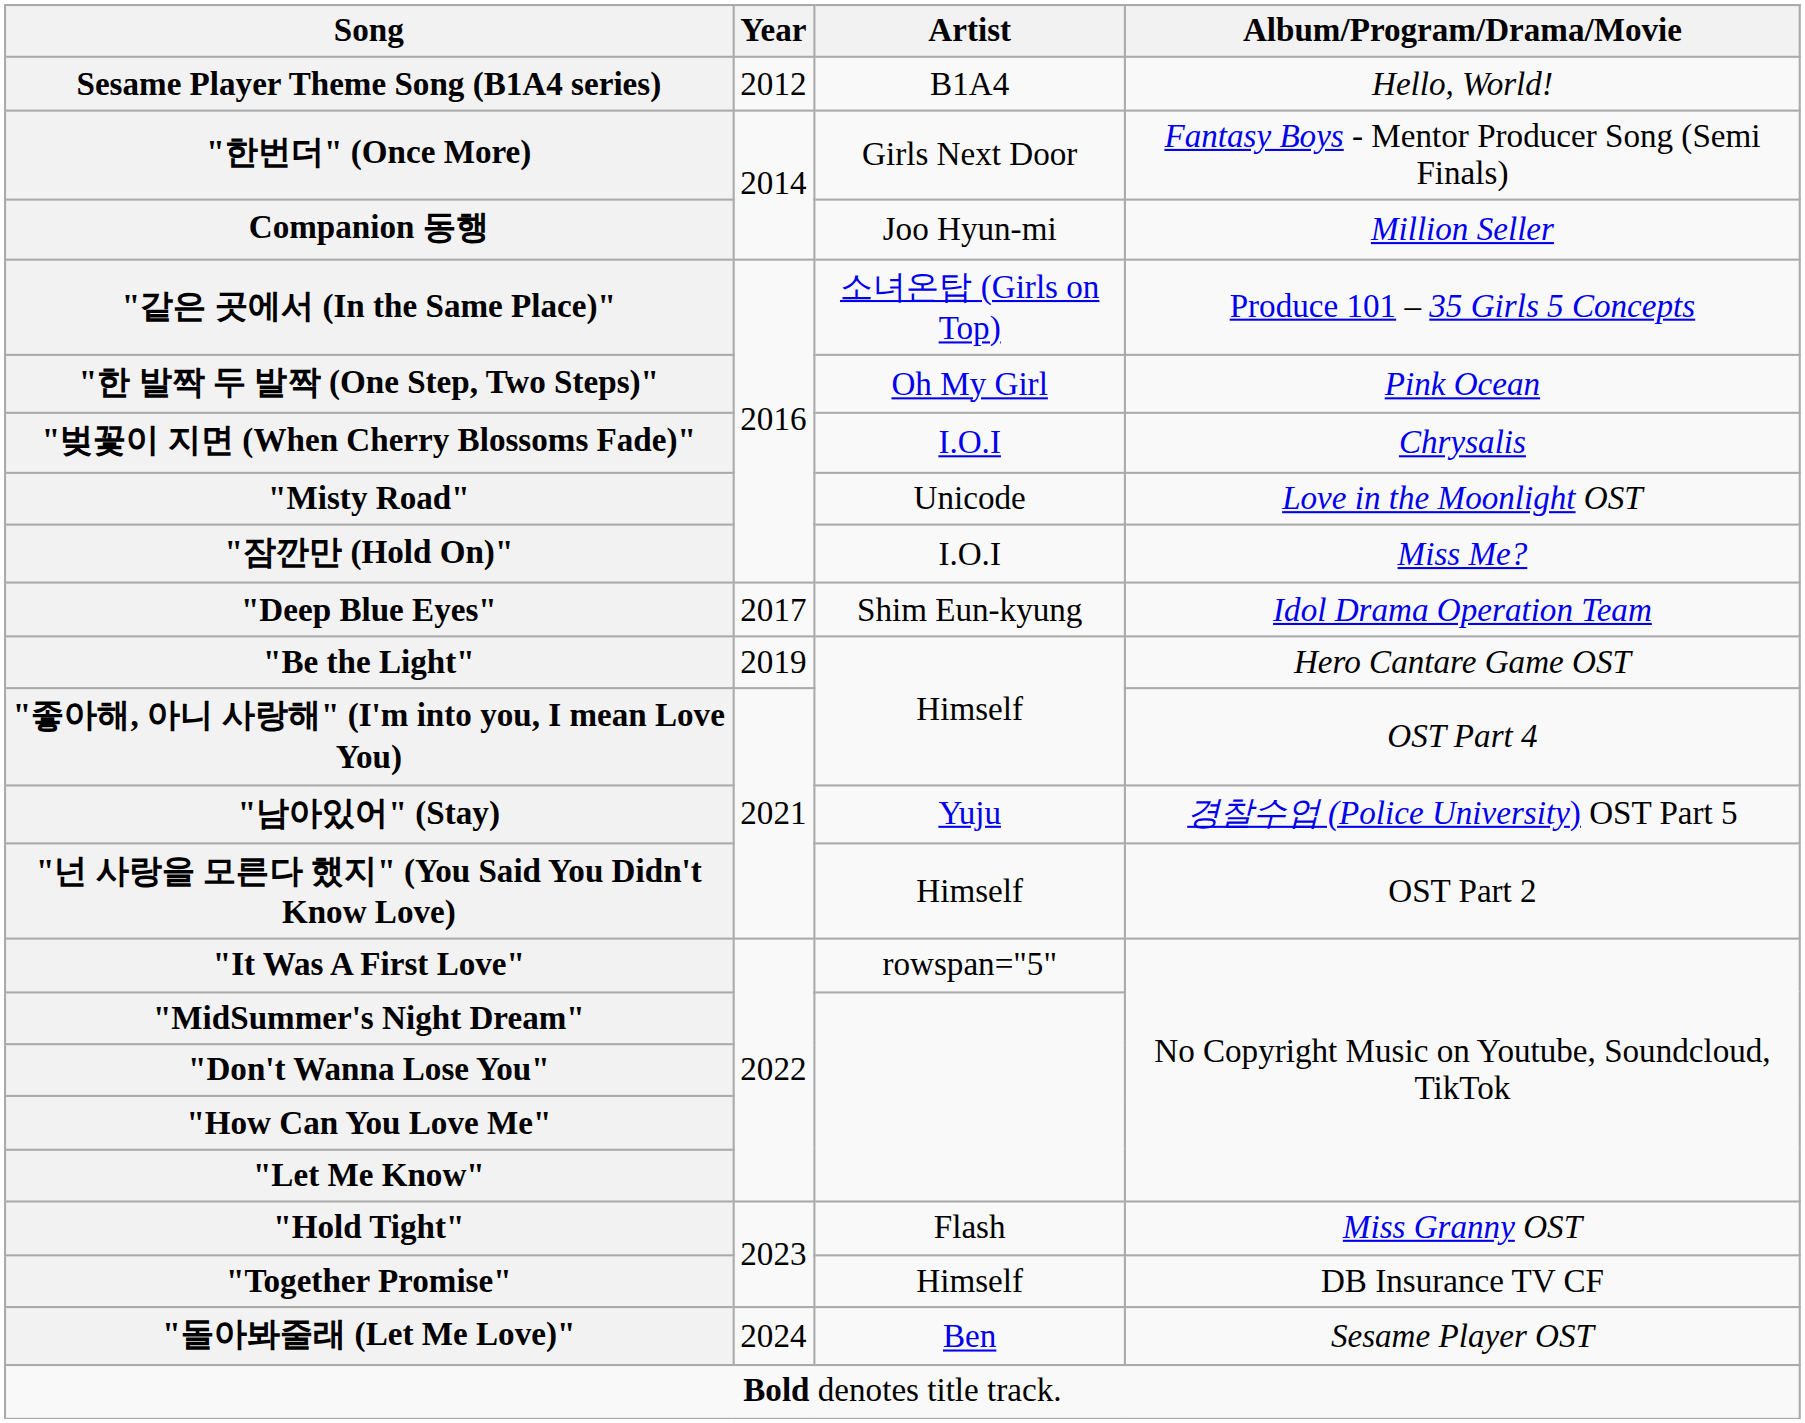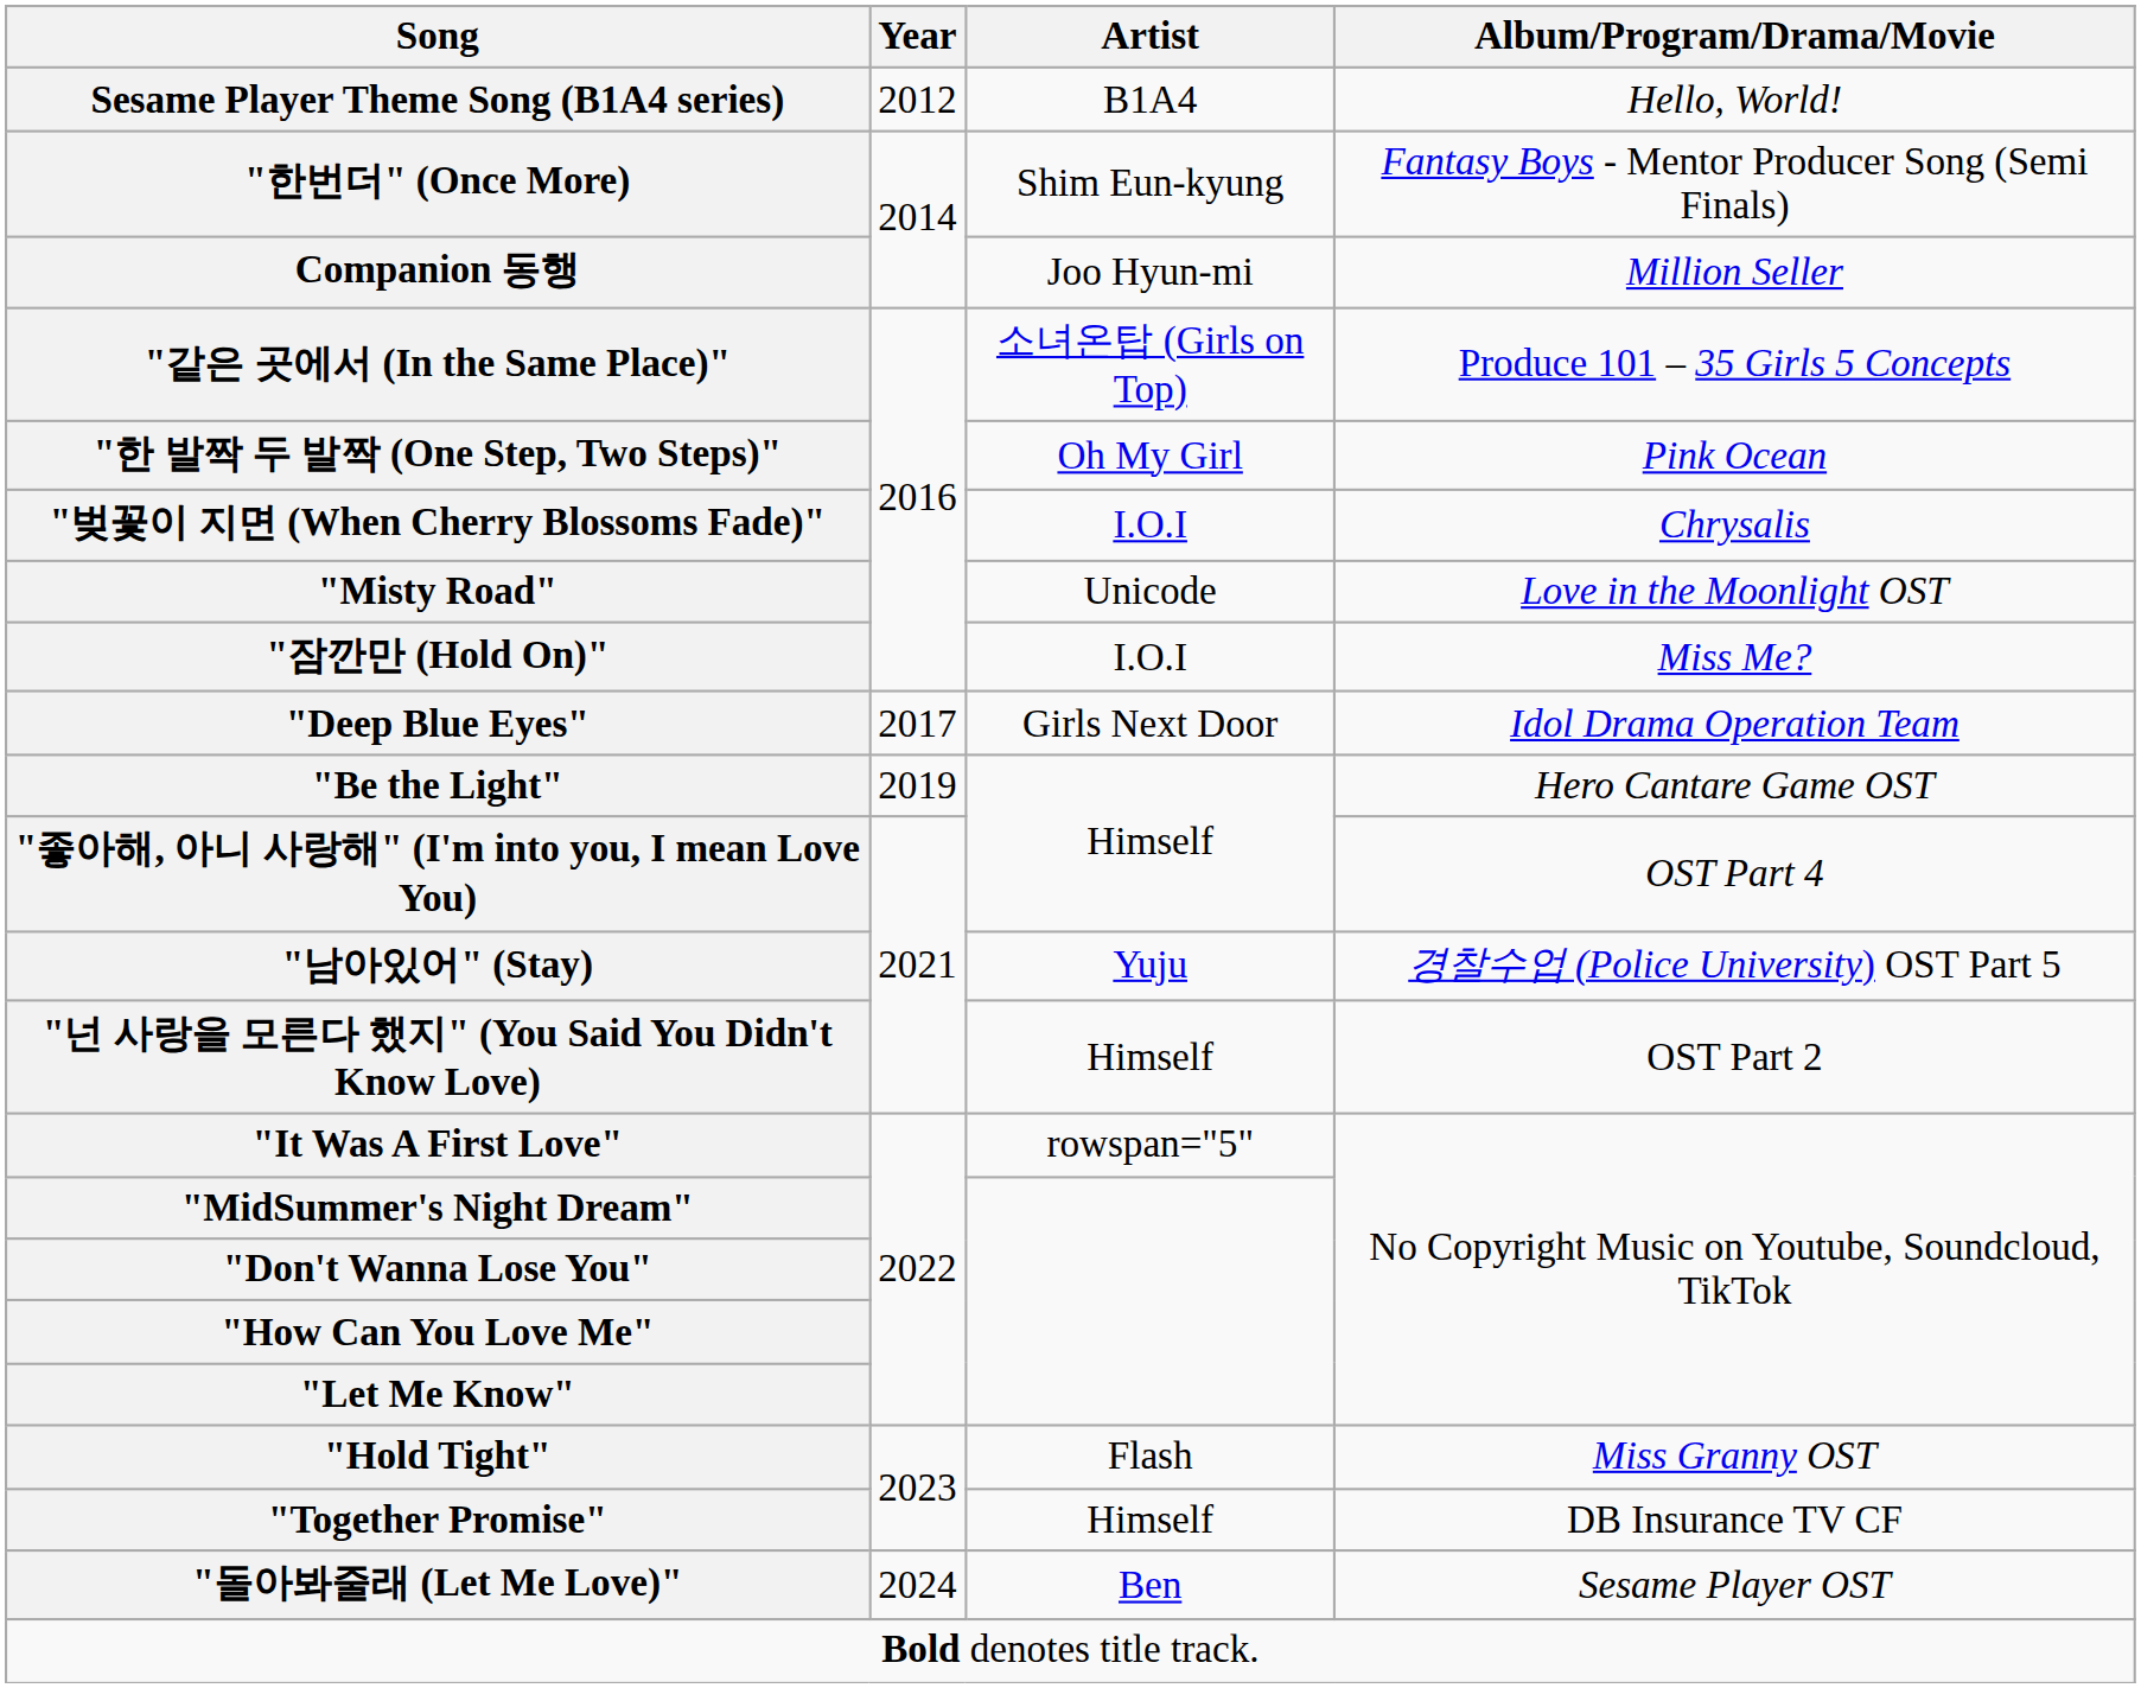 <table class="wikitable plainrowheaders" style="text-align:center">
 <tr>
 <th scope="col">Song</th>
 <th scope="col">Year</th>
 <th scope="col">Artist</th>
 <th scope="col">Album/Program/Drama/Movie</th>
 </tr>
 <tr>
 <th scope="row">Sesame Player Theme Song (B1A4 series)</th>
 <td>2012</td>
 <td>B1A4</td>
 <td><em>Hello, World!</em></td>
 </tr>
 <tr>
 <th scope="row">"한번더" (Once More)</th>
 <td rowspan="2">2014</td>
-<td>Girls Next Door</td>
+<td>Shim Eun-kyung</td>
 <td><em><a href='#'>Fantasy Boys</a></em> - Mentor Producer Song (Semi Finals)</td>
 </tr>
 <tr>
 <th scope="row"><strong>Companion</strong> 동행</th>
 <td>Joo Hyun-mi</td>
 <td><em><a href='#'>Million Seller</a></em></td>
 </tr>
 <tr>
 <th scope="row">"<strong>같은 곳에서 (In the Same Place)</strong>"</th>
 <td rowspan="5">2016</td>
 <td><a href='#'>소녀온탑 (Girls on Top)</a></td>
 <td><a href='#'>Produce 101</a> – <em><a href='#'>35 Girls 5 Concepts</a></em></td>
 </tr>
 <tr>
 <th scope="row">"한 발짝 두 발짝 (One Step, Two Steps)"</th>
 <td><a href='#'>Oh My Girl</a></td>
 <td><em><a href='#'>Pink Ocean</a></em></td>
 </tr>
 <tr>
 <th scope="row">"벚꽃이 지면 (When Cherry Blossoms Fade)"</th>
 <td><a href='#'>I.O.I</a></td>
 <td><a href='#'><em>Chrysalis</em></a></td>
 </tr>
 <tr>
 <th scope="row">"Misty Road"</th>
 <td>Unicode</td>
 <td><em><a href='#'>Love in the Moonlight</a> OST</em></td>
 </tr>
 <tr>
 <th scope="row">"잠깐만 (Hold On)"</th>
 <td>I.O.I</td>
 <td><em><a href='#'>Miss Me?</a></em></td>
 </tr>
 <tr>
 <th scope="row"><strong>"Deep Blue Eyes"</strong></th>
 <td>2017</td>
-<td>Shim Eun-kyung</td>
+<td>Girls Next Door</td>
 <td><em><a href='#'>Idol Drama Operation Team</a></em></td>
 </tr>
 <tr>
 <th scope="row">"Be the Light"</th>
 <td>2019</td>
 <td rowspan="2">Himself</td>
 <td><em>Hero Cantare Game OST</em></td>
 </tr>
 <tr>
 <th scope="row">"좋아해, 아니 사랑해" (I'm into you, I mean Love You)</th>
 <td rowspan="3">2021</td>
 <td><em> OST Part 4</em></td>
 </tr>
 <tr>
 <th scope="row">"남아있어" (Stay)</th>
 <td><a href='#'>Yuju</a></td>
 <td><a href='#'><em>경찰수업 (Police University</em>)</a> OST Part 5</td>
 </tr>
 <tr>
 <th scope="row">"넌 사랑을 모른다 했지" (You Said You Didn't Know Love)</th>
 <td>Himself</td>
 <td><em></em> OST Part 2</td>
 </tr>
 <tr>
 <th scope="row">"It Was A First Love"</th>
 <td rowspan="5">2022</td>
 <td>rowspan="5" </td>
 <td rowspan="5">No Copyright Music on Youtube, Soundcloud, TikTok</td>
 </tr>
 <tr>
 <th scope="row">"MidSummer's Night Dream"</th>
 </tr>
 <tr>
 <th scope="row">"Don't Wanna Lose You"</th>
 </tr>
 <tr>
 <th scope="row">"How Can You Love Me"</th>
 </tr>
 <tr>
 <th scope="row">"Let Me Know"</th>
 </tr>
 <tr>
 <th scope="row">"Hold Tight"</th>
 <td rowspan="2">2023</td>
 <td>Flash<br></td>
 <td><em><a href='#'>Miss Granny</a> OST</em></td>
 </tr>
 <tr>
 <th scope="row">"Together Promise"</th>
 <td>Himself</td>
 <td>DB Insurance TV CF </td>
 </tr>
 <tr>
 <th scope="row"><strong>"돌아봐줄래 (Let Me Love)"</strong></th>
 <td>2024</td>
 <td><a href='#'>Ben</a></td>
 <td><em>Sesame Player OST</em></td>
 </tr>
 <tr>
 <td colspan="4"><strong>Bold</strong> denotes title track.</td>
 </tr>
 </table>
